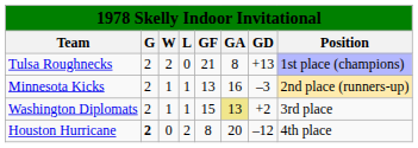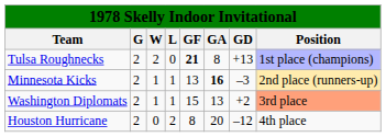 <table class="wikitable sortable">
 <tr>
 <th ! style="background:green" class="unsortable" colspan="8"><span><big> 1978 Skelly Indoor Invitational </big></span></th>
 </tr>
 <tr>
 <th>Team</th>
 <th>G</th>
 <th>W</th>
 <th>L</th>
 <th>GF</th>
 <th>GA</th>
 <th>GD</th>
 <th>Position</th>
 </tr>
 <tr>
 <td><a href='#'>Tulsa Roughnecks</a></td>
 <td>2</td>
 <td align=center>2</td>
 <td align=center>0</td>
-<td align=center>21</td>
+<td align=center><strong>21</strong></td>
 <td align=center>8</td>
 <td align=center>+13</td>
 <td bgcolor="#B3B7FF">1st place (champions)</td>
 </tr>
 <tr>
 <td><a href='#'>Minnesota Kicks</a></td>
 <td>2</td>
 <td align=center>1</td>
 <td align=center>1</td>
 <td align=center>13</td>
-<td align=center>16</td>
+<td align=center><strong>16</strong></td>
 <td align=center>–3</td>
 <td style="background:#ffebad;">2nd place (runners-up)</td>
 </tr>
 <tr>
 <td><a href='#'>Washington Diplomats</a></td>
 <td>2</td>
 <td align=center>1</td>
 <td align=center>1</td>
 <td align=center>15</td>
-<td align=center style="background: khaki;">13</td>
+<td align=center>13</td>
 <td align=center>+2</td>
-<td>3rd place</td>
+<td style="background: lightsalmon;">3rd place</td>
 </tr>
 <tr>
 <td><a href='#'>Houston Hurricane</a></td>
-<td><strong>2</strong></td>
+<td>2</td>
 <td align=center>0</td>
 <td align=center>2</td>
 <td align=center>8</td>
 <td align=center>20</td>
 <td align=center>–12</td>
 <td>4th place</td>
 </tr>
 </table>
